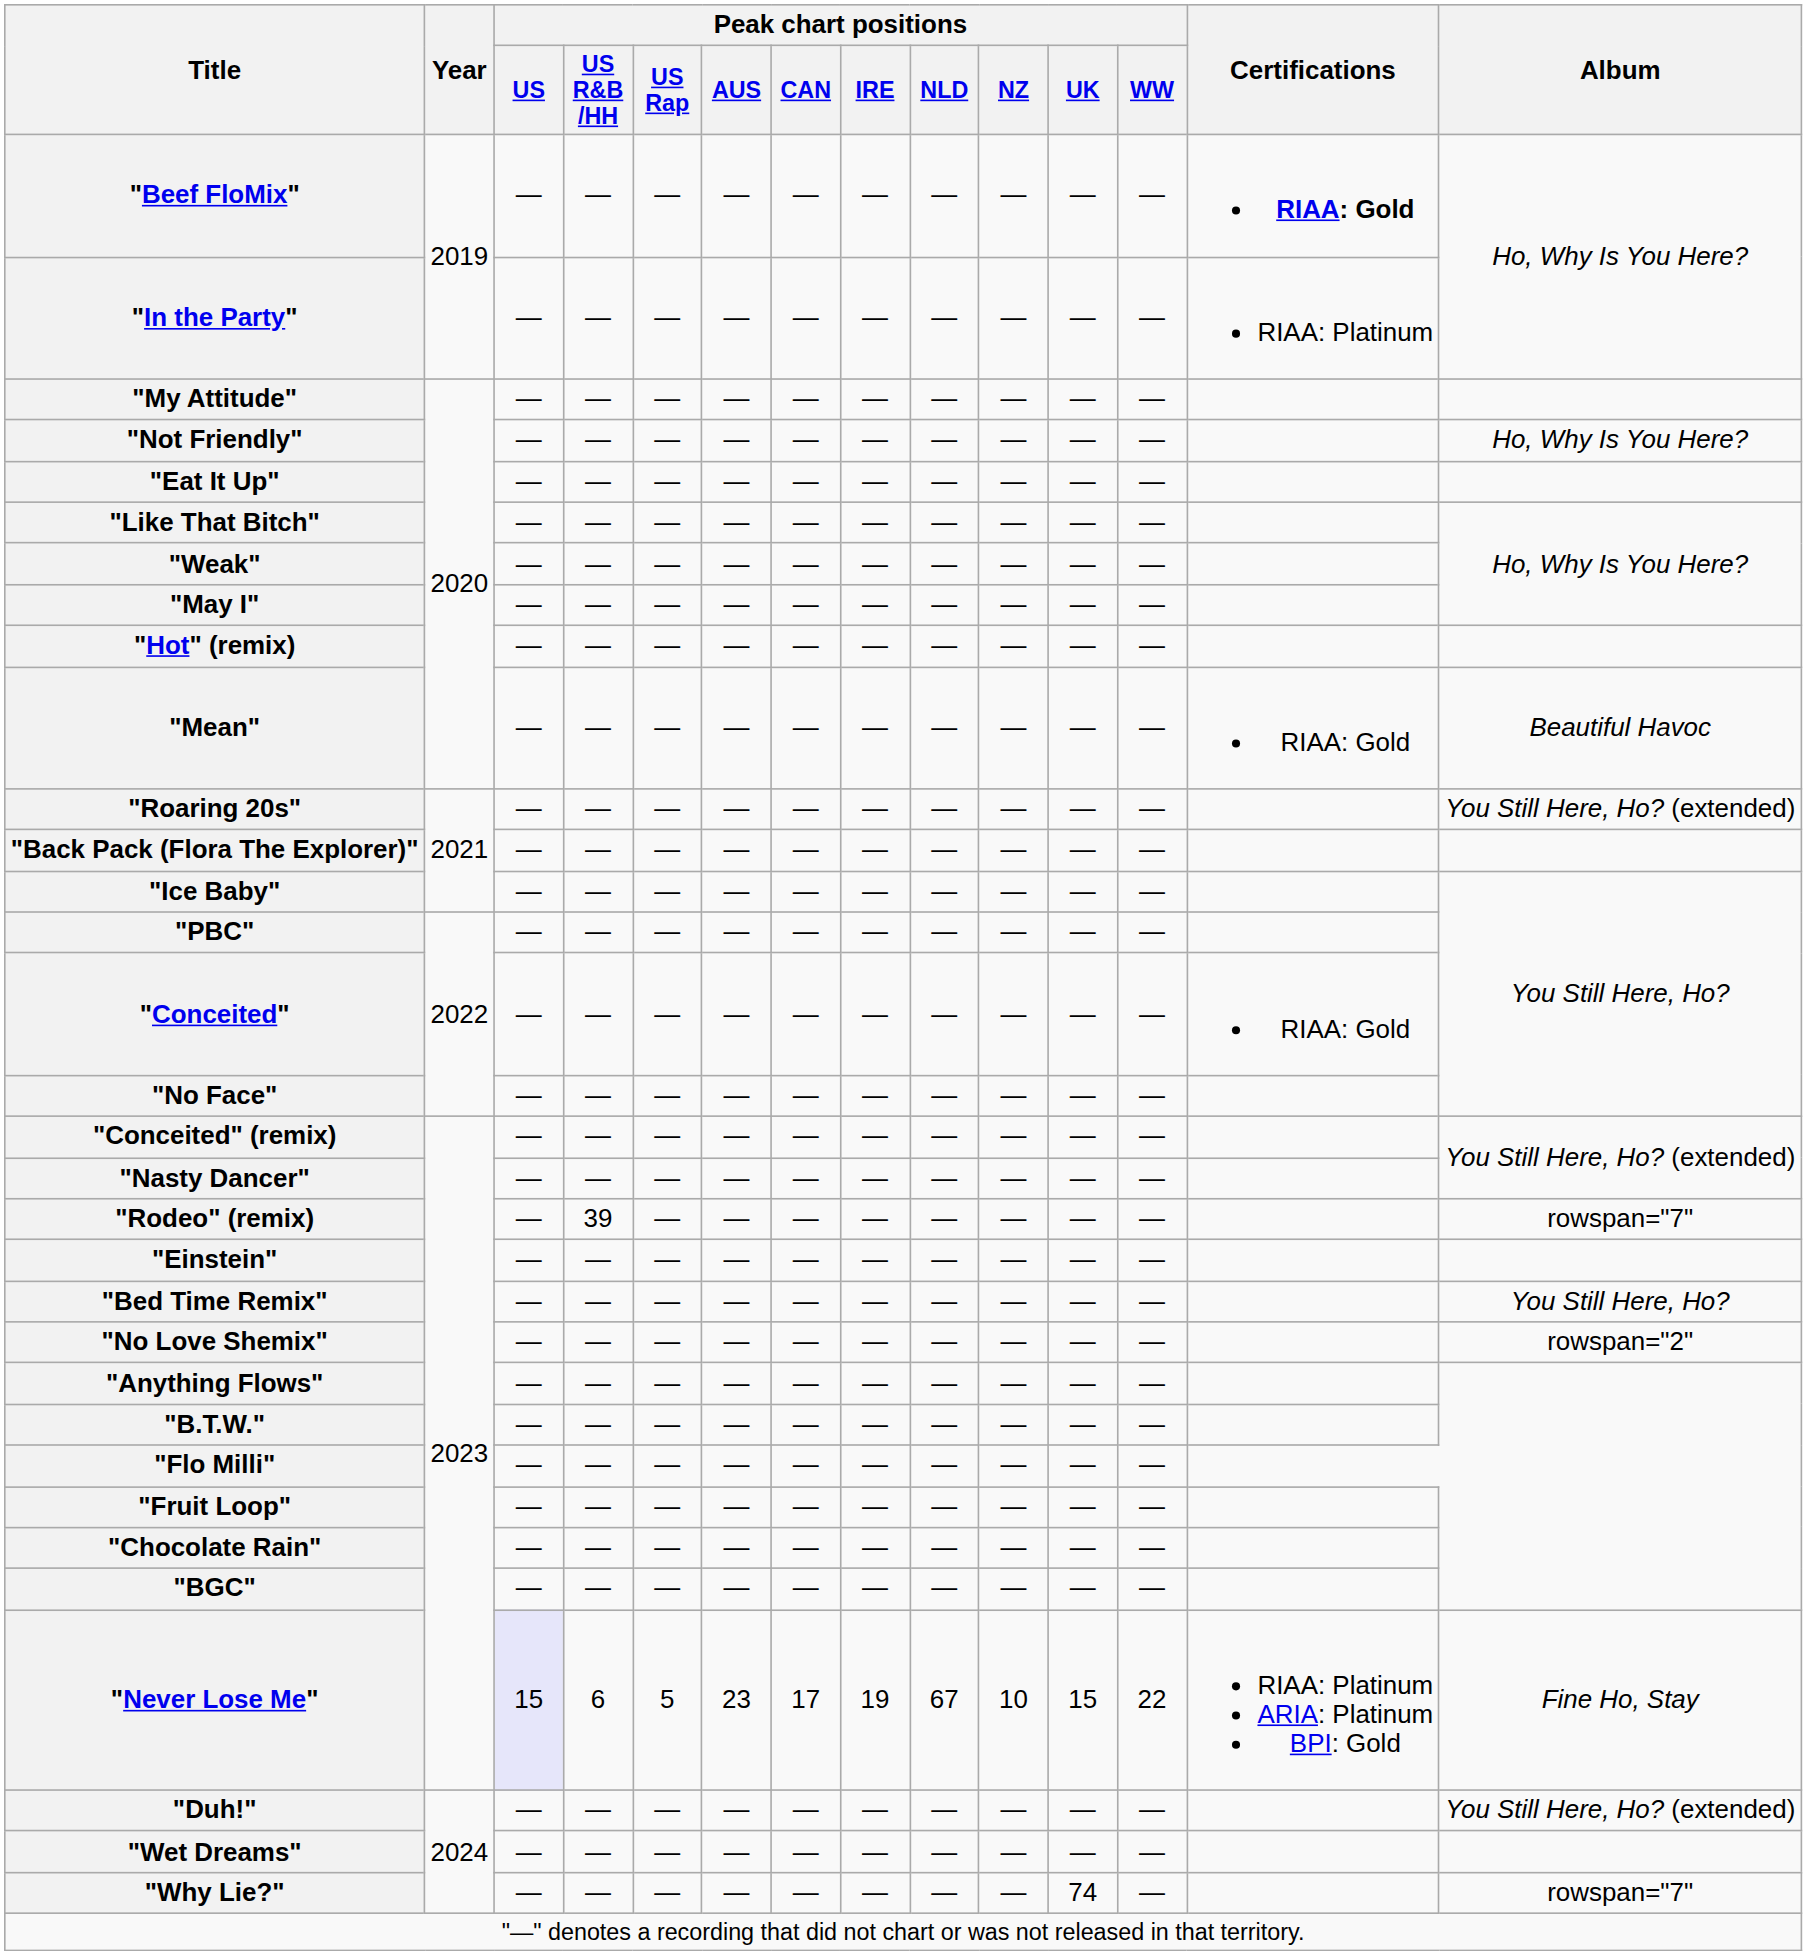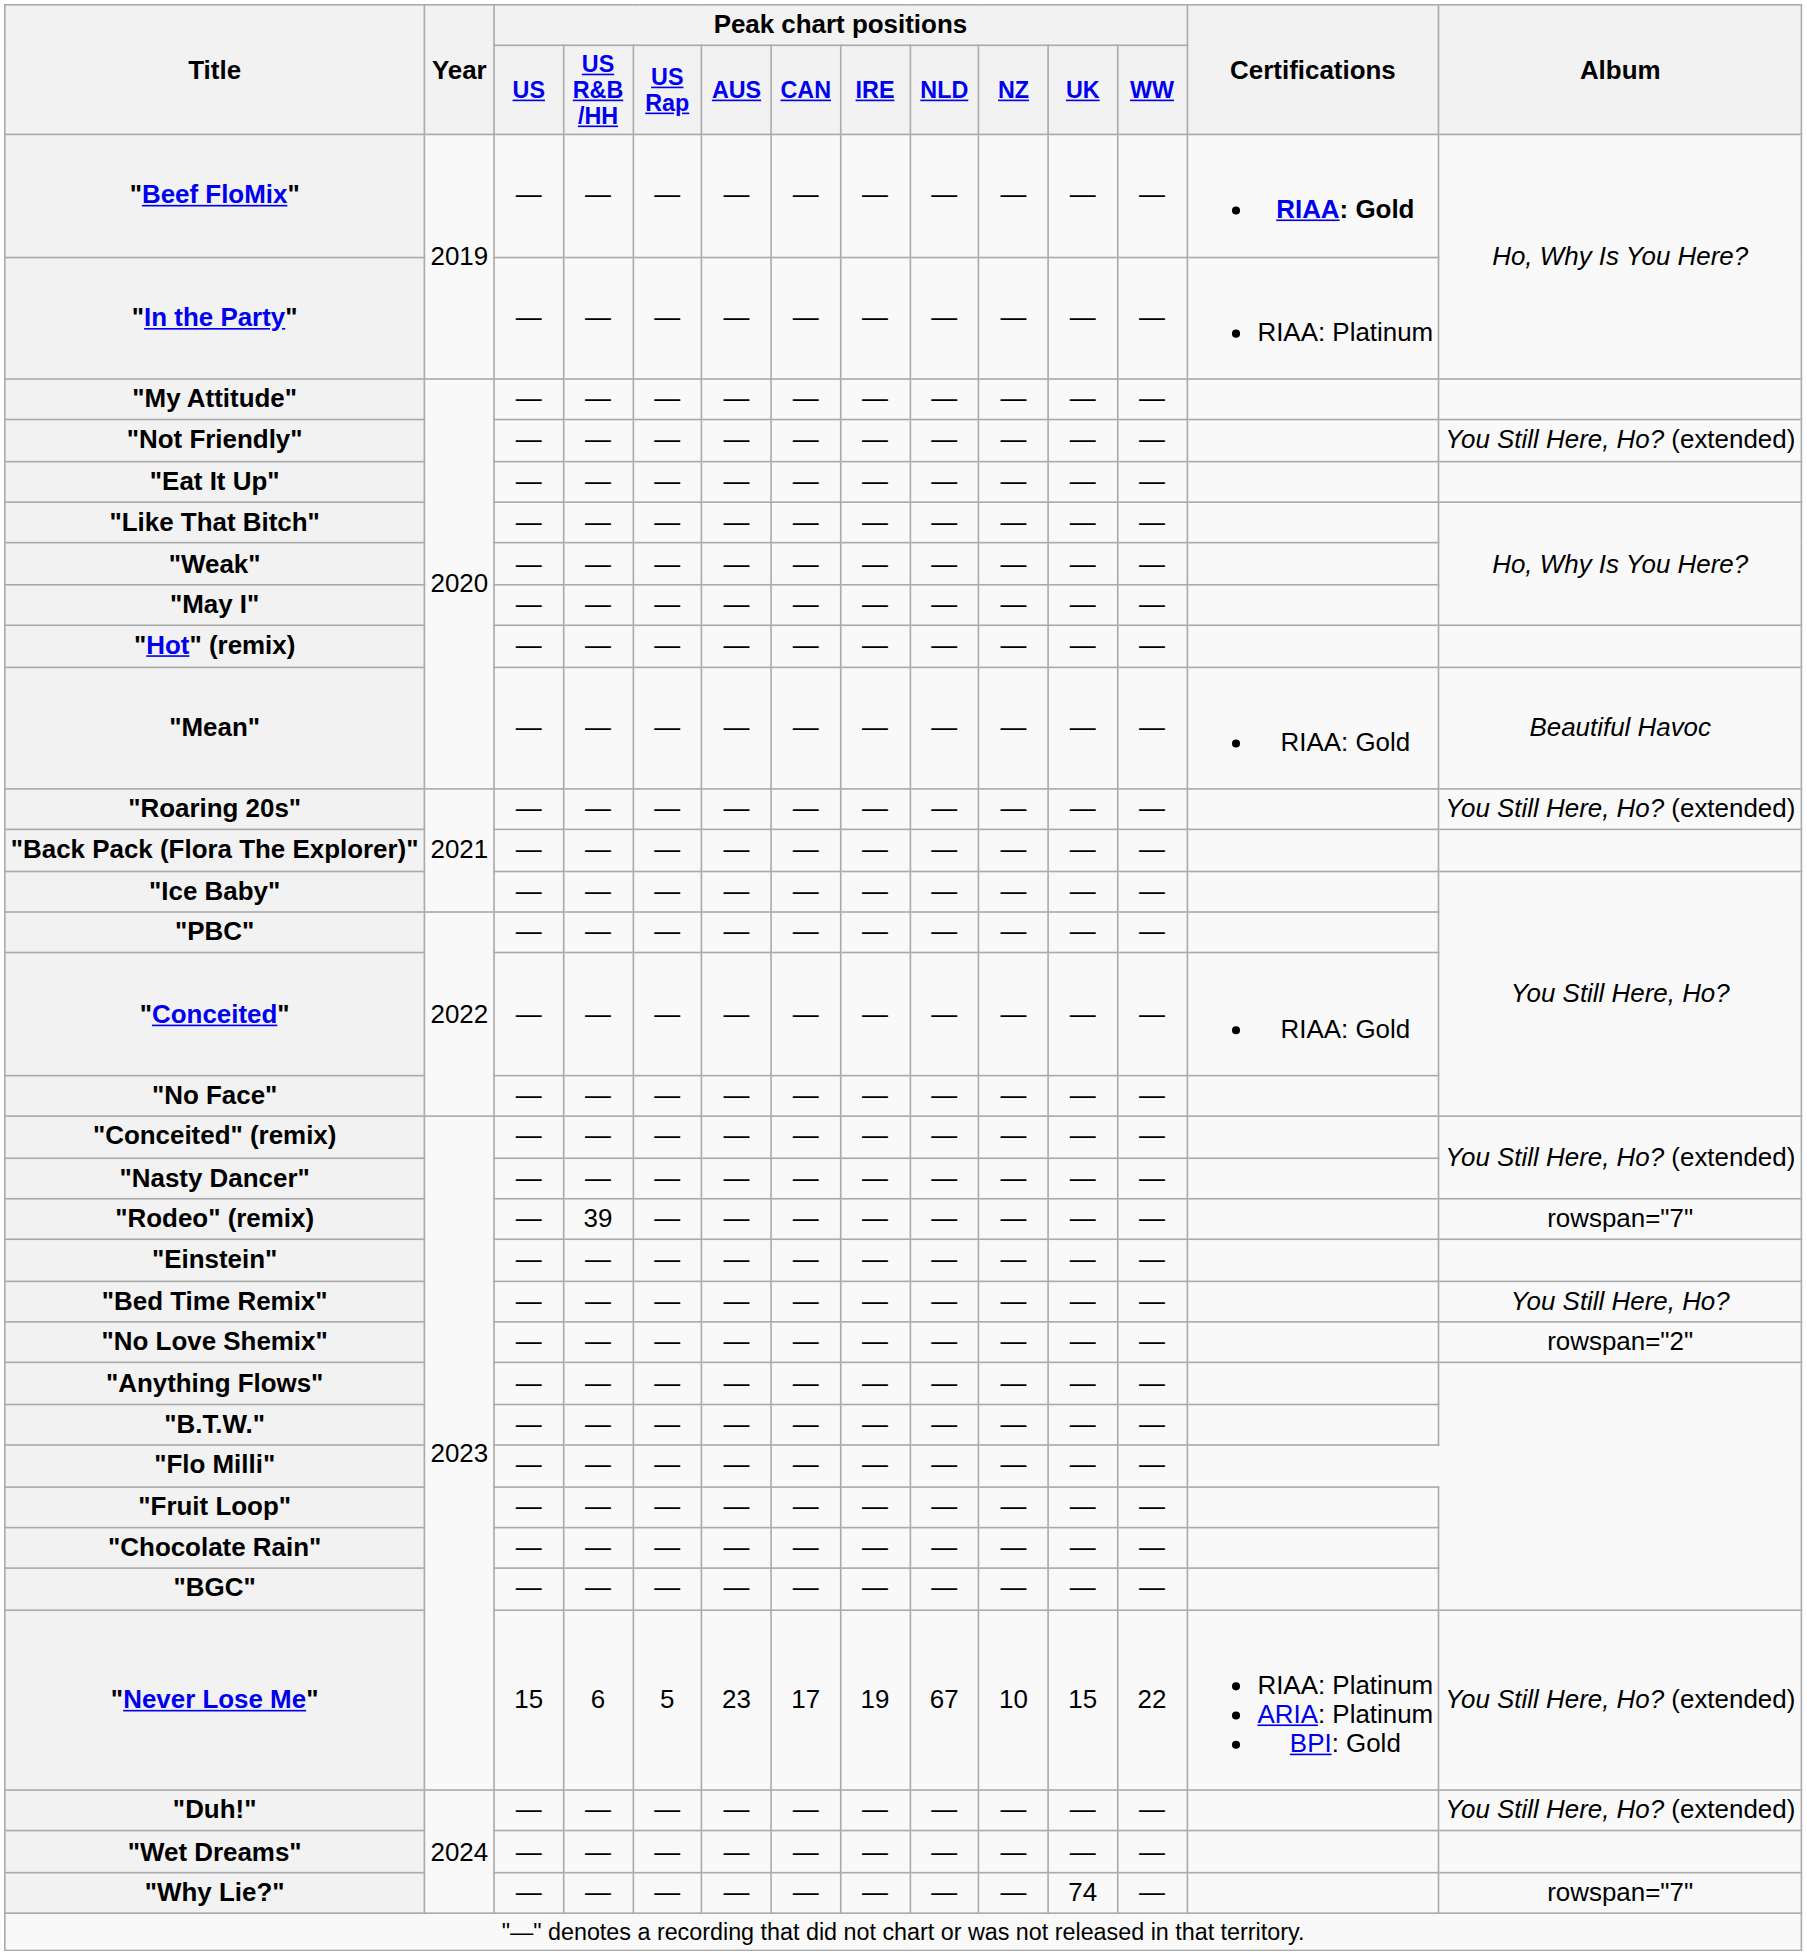 <table class="wikitable plainrowheaders" style="text-align:center;">
 <tr>
 <th scope="col" rowspan="2">Title</th>
 <th scope="col" rowspan="2">Year</th>
 <th scope="col" colspan="10">Peak chart positions</th>
 <th scope="col" rowspan="2">Certifications</th>
 <th scope="col" rowspan="2">Album</th>
 </tr>
 <tr>
 <th scope="col" style="width:2.5em;font-size:90%;"><a href='#'>US</a><br></th>
 <th scope="col" style="width:2.5em;font-size:90%;"><a href='#'>US<br>R&B<br>/HH</a><br></th>
 <th scope="col" style="width:2.5em;font-size:90%;"><a href='#'>US<br>Rap</a><br></th>
 <th scope="col" style="width:2.5em;font-size:90%;"><a href='#'>AUS</a><br></th>
 <th scope="col" style="width:2.5em;font-size:90%;"><a href='#'>CAN</a><br></th>
 <th scope="col" style="width:2.5em;font-size:90%;"><a href='#'>IRE</a><br></th>
 <th scope="col" style="width:2.5em;font-size:90%;"><a href='#'>NLD</a><br></th>
 <th scope="col" style="width:2.5em;font-size:90%;"><a href='#'>NZ</a><br></th>
 <th scope="col" style="width:2.5em;font-size:90%;"><a href='#'>UK</a><br></th>
 <th scope="col" style="width:2.5em;font-size:90%;"><a href='#'>WW</a><br></th>
 </tr>
 <tr>
 <th scope="row">"<a href='#'>Beef FloMix</a>"</th>
 <td rowspan="2">2019</td>
 <td>—</td>
 <td>—</td>
 <td>—</td>
 <td>—</td>
 <td>—</td>
 <td>—</td>
 <td>—</td>
 <td>—</td>
 <td>—</td>
 <td>—</td>
 <td><strong><br><ul><li><a href='#'>RIAA</a>: Gold</li></ul></strong></td>
 <td rowspan="2"><em>Ho, Why Is You Here?</em></td>
 </tr>
 <tr>
 <th scope="row">"<a href='#'>In the Party</a>"</th>
 <td>—</td>
 <td>—</td>
 <td>—</td>
 <td>—</td>
 <td>—</td>
 <td>—</td>
 <td>—</td>
 <td>—</td>
 <td>—</td>
 <td>—</td>
 <td><br><ul><li>RIAA: Platinum</li></ul></td>
 </tr>
 <tr>
 <th scope="row">"My Attitude"</th>
 <td rowspan="8">2020</td>
 <td>—</td>
 <td>—</td>
 <td>—</td>
 <td>—</td>
 <td>—</td>
 <td>—</td>
 <td>—</td>
 <td>—</td>
 <td>—</td>
 <td>—</td>
 <td></td>
 <td></td>
 </tr>
 <tr>
 <th scope="row">"Not Friendly"</th>
 <td>—</td>
 <td>—</td>
 <td>—</td>
 <td>—</td>
 <td>—</td>
 <td>—</td>
 <td>—</td>
 <td>—</td>
 <td>—</td>
 <td>—</td>
 <td></td>
-<td><em>Ho, Why Is You Here?</em></td>
+<td><em>You Still Here, Ho?</em> (extended)</td>
 </tr>
 <tr>
 <th scope="row">"Eat It Up"</th>
 <td>—</td>
 <td>—</td>
 <td>—</td>
 <td>—</td>
 <td>—</td>
 <td>—</td>
 <td>—</td>
 <td>—</td>
 <td>—</td>
 <td>—</td>
 <td></td>
 <td></td>
 </tr>
 <tr>
 <th scope="row">"Like That Bitch"</th>
 <td>—</td>
 <td>—</td>
 <td>—</td>
 <td>—</td>
 <td>—</td>
 <td>—</td>
 <td>—</td>
 <td>—</td>
 <td>—</td>
 <td>—</td>
 <td></td>
 <td rowspan="3"><em>Ho, Why Is You Here?</em></td>
 </tr>
 <tr>
 <th scope="row">"Weak"</th>
 <td>—</td>
 <td>—</td>
 <td>—</td>
 <td>—</td>
 <td>—</td>
 <td>—</td>
 <td>—</td>
 <td>—</td>
 <td>—</td>
 <td>—</td>
 <td></td>
 </tr>
 <tr>
 <th scope="row">"May I"</th>
 <td>—</td>
 <td>—</td>
 <td>—</td>
 <td>—</td>
 <td>—</td>
 <td>—</td>
 <td>—</td>
 <td>—</td>
 <td>—</td>
 <td>—</td>
 <td></td>
 </tr>
 <tr>
 <th scope="row">"<a href='#'>Hot</a>" (remix)<br></th>
 <td>—</td>
 <td>—</td>
 <td>—</td>
 <td>—</td>
 <td>—</td>
 <td>—</td>
 <td>—</td>
 <td>—</td>
 <td>—</td>
 <td>—</td>
 <td></td>
 <td></td>
 </tr>
 <tr>
 <th scope="row">"Mean"<br></th>
 <td>—</td>
 <td>—</td>
 <td>—</td>
 <td>—</td>
 <td>—</td>
 <td>—</td>
 <td>—</td>
 <td>—</td>
 <td>—</td>
 <td>—</td>
 <td><br><ul><li>RIAA: Gold</li></ul></td>
 <td><em>Beautiful Havoc</em></td>
 </tr>
 <tr>
 <th scope="row">"Roaring 20s"</th>
 <td rowspan="3">2021</td>
 <td>—</td>
 <td>—</td>
 <td>—</td>
 <td>—</td>
 <td>—</td>
 <td>—</td>
 <td>—</td>
 <td>—</td>
 <td>—</td>
 <td>—</td>
 <td></td>
 <td><em>You Still Here, Ho?</em> (extended)</td>
 </tr>
 <tr>
 <th scope="row">"Back Pack (Flora The Explorer)"</th>
 <td>—</td>
 <td>—</td>
 <td>—</td>
 <td>—</td>
 <td>—</td>
 <td>—</td>
 <td>—</td>
 <td>—</td>
 <td>—</td>
 <td>—</td>
 <td></td>
 <td></td>
 </tr>
 <tr>
 <th scope="row">"Ice Baby"</th>
 <td>—</td>
 <td>—</td>
 <td>—</td>
 <td>—</td>
 <td>—</td>
 <td>—</td>
 <td>—</td>
 <td>—</td>
 <td>—</td>
 <td>—</td>
 <td></td>
 <td rowspan="4"><em>You Still Here, Ho?</em></td>
 </tr>
 <tr>
 <th scope="row">"PBC"</th>
 <td rowspan="3">2022</td>
 <td>—</td>
 <td>—</td>
 <td>—</td>
 <td>—</td>
 <td>—</td>
 <td>—</td>
 <td>—</td>
 <td>—</td>
 <td>—</td>
 <td>—</td>
 <td></td>
 </tr>
 <tr>
 <th scope="row">"<a href='#'>Conceited</a>"</th>
 <td>—</td>
 <td>—</td>
 <td>—</td>
 <td>—</td>
 <td>—</td>
 <td>—</td>
 <td>—</td>
 <td>—</td>
 <td>—</td>
 <td>—</td>
 <td><br><ul><li>RIAA: Gold</li></ul></td>
 </tr>
 <tr>
 <th scope="row">"No Face"</th>
 <td>—</td>
 <td>—</td>
 <td>—</td>
 <td>—</td>
 <td>—</td>
 <td>—</td>
 <td>—</td>
 <td>—</td>
 <td>—</td>
 <td>—</td>
 </tr>
 <tr>
 <th scope=row>"Conceited" (remix) <br></th>
 <td rowspan="13">2023</td>
 <td>—</td>
 <td>—</td>
 <td>—</td>
 <td>—</td>
 <td>—</td>
 <td>—</td>
 <td>—</td>
 <td>—</td>
 <td>—</td>
 <td>—</td>
 <td></td>
 <td rowspan="2"><em>You Still Here, Ho?</em> (extended)</td>
 </tr>
 <tr>
 <th scope="row">"Nasty Dancer"</th>
 <td>—</td>
 <td>—</td>
 <td>—</td>
 <td>—</td>
 <td>—</td>
 <td>—</td>
 <td>—</td>
 <td>—</td>
 <td>—</td>
 <td>—</td>
 <td></td>
 </tr>
 <tr>
 <th scope="row">"Rodeo" (remix)<br></th>
 <td>—</td>
 <td>39</td>
 <td>—</td>
 <td>—</td>
 <td>—</td>
 <td>—</td>
 <td>—</td>
 <td>—</td>
 <td>—</td>
 <td>—</td>
 <td></td>
 <td>rowspan="7" </td>
 </tr>
 <tr>
 <th scope="row">"Einstein"</th>
 <td>—</td>
 <td>—</td>
 <td>—</td>
 <td>—</td>
 <td>—</td>
 <td>—</td>
 <td>—</td>
 <td>—</td>
 <td>—</td>
 <td>—</td>
 <td></td>
 </tr>
 <tr>
 <th scope="row">"Bed Time Remix"<br></th>
 <td>—</td>
 <td>—</td>
 <td>—</td>
 <td>—</td>
 <td>—</td>
 <td>—</td>
 <td>—</td>
 <td>—</td>
 <td>—</td>
 <td>—</td>
 <td></td>
 <td><em>You Still Here, Ho?</em></td>
 </tr>
 <tr>
 <th scope="row">"No Love Shemix" <br></th>
 <td>—</td>
 <td>—</td>
 <td>—</td>
 <td>—</td>
 <td>—</td>
 <td>—</td>
 <td>—</td>
 <td>—</td>
 <td>—</td>
 <td>—</td>
 <td></td>
 <td>rowspan="2" </td>
 </tr>
 <tr>
 <th scope="row">"Anything Flows"<br></th>
 <td>—</td>
 <td>—</td>
 <td>—</td>
 <td>—</td>
 <td>—</td>
 <td>—</td>
 <td>—</td>
 <td>—</td>
 <td>—</td>
 <td>—</td>
 <td></td>
 </tr>
 <tr>
 <th scope="row">"B.T.W."</th>
 <td>—</td>
 <td>—</td>
 <td>—</td>
 <td>—</td>
 <td>—</td>
 <td>—</td>
 <td>—</td>
 <td>—</td>
 <td>—</td>
 <td>—</td>
 <td></td>
 </tr>
 <tr>
 <th scope="row">"Flo Milli"</th>
 <td>—</td>
 <td>—</td>
 <td>—</td>
 <td>—</td>
 <td>—</td>
 <td>—</td>
 <td>—</td>
 <td>—</td>
 <td>—</td>
 <td>—</td>
 </tr>
 <tr>
 <th scope="row">"Fruit Loop"</th>
 <td>—</td>
 <td>—</td>
 <td>—</td>
 <td>—</td>
 <td>—</td>
 <td>—</td>
 <td>—</td>
 <td>—</td>
 <td>—</td>
 <td>—</td>
 <td></td>
 </tr>
 <tr>
 <th scope="row">"Chocolate Rain"</th>
 <td>—</td>
 <td>—</td>
 <td>—</td>
 <td>—</td>
 <td>—</td>
 <td>—</td>
 <td>—</td>
 <td>—</td>
 <td>—</td>
 <td>—</td>
 <td></td>
 </tr>
 <tr>
 <th scope="row">"BGC"</th>
 <td>—</td>
 <td>—</td>
 <td>—</td>
 <td>—</td>
 <td>—</td>
 <td>—</td>
 <td>—</td>
 <td>—</td>
 <td>—</td>
 <td>—</td>
 <td></td>
 </tr>
 <tr>
 <th scope="row">"<a href='#'>Never Lose Me</a>"</th>
-<td style="background: lavender;">15</td>
+<td>15</td>
 <td>6</td>
 <td>5</td>
 <td>23</td>
 <td>17</td>
 <td>19</td>
 <td>67</td>
 <td>10</td>
 <td>15</td>
 <td>22</td>
 <td><br><ul><li>RIAA: Platinum</li><li><a href='#'>ARIA</a>: Platinum</li><li><a href='#'>BPI</a>: Gold</li></ul></td>
-<td><em>Fine Ho, Stay</em></td>
+<td><em>You Still Here, Ho?</em> (extended)</td>
 </tr>
 <tr>
 <th scope="row">"Duh!"</th>
 <td rowspan="3">2024</td>
 <td>—</td>
 <td>—</td>
 <td>—</td>
 <td>—</td>
 <td>—</td>
 <td>—</td>
 <td>—</td>
 <td>—</td>
 <td>—</td>
 <td>—</td>
 <td></td>
 <td><em>You Still Here, Ho?</em> (extended)</td>
 </tr>
 <tr>
 <th scope="row">"Wet Dreams"<br></th>
 <td>—</td>
 <td>—</td>
 <td>—</td>
 <td>—</td>
 <td>—</td>
 <td>—</td>
 <td>—</td>
 <td>—</td>
 <td>—</td>
 <td>—</td>
 <td></td>
 </tr>
 <tr>
 <th scope="row">"Why Lie?"<br></th>
 <td>—</td>
 <td>—</td>
 <td>—</td>
 <td>—</td>
 <td>—</td>
 <td>—</td>
 <td>—</td>
 <td>—</td>
 <td>74</td>
 <td>—</td>
 <td></td>
 <td>rowspan="7" </td>
 </tr>
 <tr>
 <td colspan="14" style="font-size:90%">"—" denotes a recording that did not chart or was not released in that territory.</td>
 </tr>
 </table>
